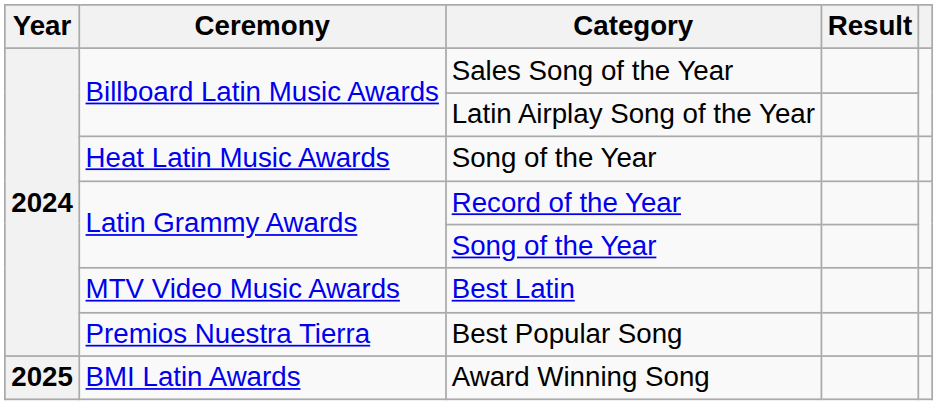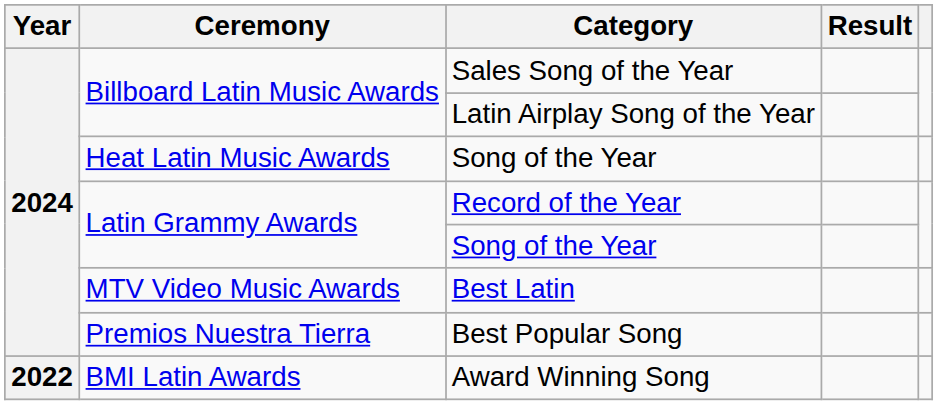 <table class="wikitable plainrowheaders">
 <tr>
 <th scope="col">Year</th>
 <th scope="col">Ceremony</th>
 <th scope="col">Category</th>
 <th scope="col">Result</th>
 <th></th>
 </tr>
 <tr>
 <th rowspan="7" scope="row">2024</th>
 <td rowspan="2" scope="row"><a href='#'>Billboard Latin Music Awards</a></td>
 <td>Sales Song of the Year</td>
 <td></td>
 <td rowspan="2" style="text-align:center;"></td>
 </tr>
 <tr>
 <td>Latin Airplay Song of the Year</td>
 <td></td>
 </tr>
 <tr>
 <td><a href='#'>Heat Latin Music Awards</a></td>
 <td>Song of the Year</td>
 <td></td>
 <td style="text-align:center;"></td>
 </tr>
 <tr>
 <td rowspan="2"><a href='#'>Latin Grammy Awards</a></td>
 <td><a href='#'>Record of the Year</a></td>
 <td></td>
 <td rowspan="2" style="text-align:center;"></td>
 </tr>
 <tr>
 <td><a href='#'>Song of the Year</a></td>
 <td></td>
 </tr>
 <tr>
 <td><a href='#'>MTV Video Music Awards</a></td>
 <td><a href='#'>Best Latin</a></td>
 <td></td>
 <td style="text-align:center;"></td>
 </tr>
 <tr>
 <td><a href='#'>Premios Nuestra Tierra</a></td>
 <td>Best Popular Song</td>
 <td></td>
 <td style="text-align:center;"></td>
 </tr>
 <tr>
-<th rowspan="1" scope="row">2025</th>
+<th rowspan="1" scope="row">2022</th>
 <td><a href='#'>BMI Latin Awards</a></td>
 <td>Award Winning Song</td>
 <td></td>
 <td style="text-align:center;"></td>
 </tr>
 </table>
